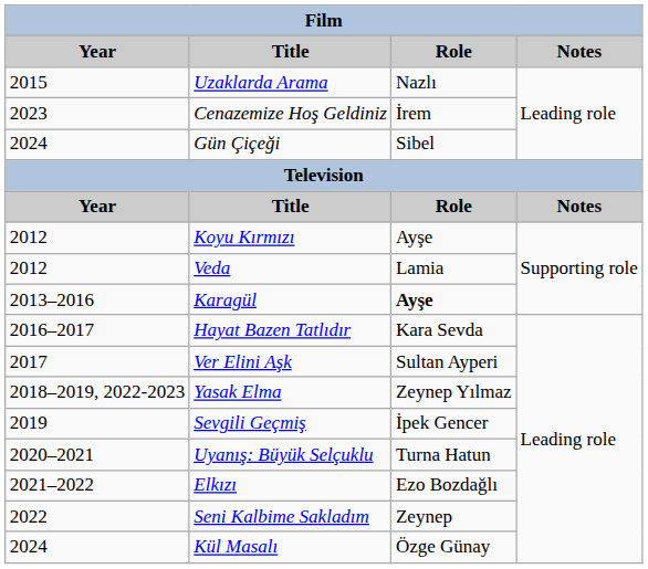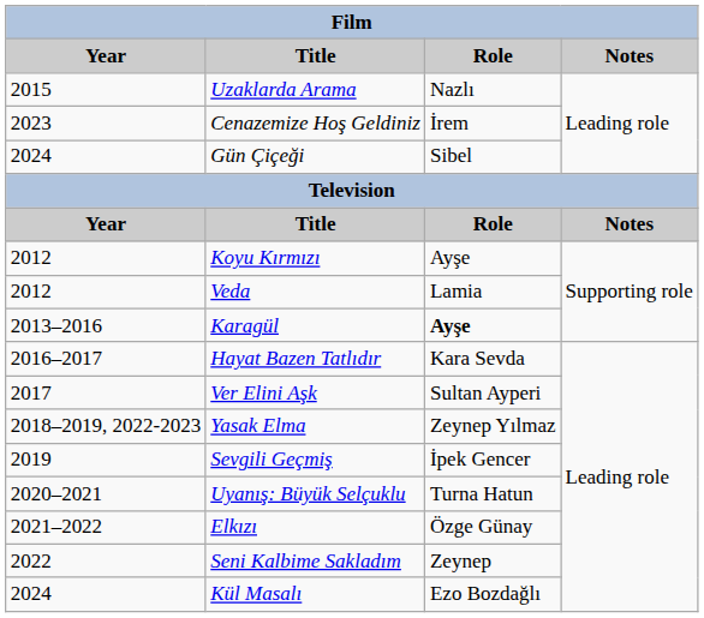 <table class="wikitable" style="font-size:85%">
 <tr>
 <th colspan="4" style="background:LightSteelBlue">Film</th>
 </tr>
 <tr>
 <th style="background:#CCCCCC">Year</th>
 <th style="background:#CCCCCC">Title</th>
 <th style="background:#CCCCCC">Role</th>
 <th style="background:#CCCCCC">Notes</th>
 </tr>
 <tr>
 <td>2015</td>
 <td><em><a href='#'>Uzaklarda Arama</a></em></td>
 <td>Nazlı</td>
 <td rowspan="3">Leading role</td>
 </tr>
 <tr>
 <td>2023</td>
 <td><em>Cenazemize Hoş Geldiniz</em></td>
 <td>İrem</td>
 </tr>
 <tr>
 <td>2024</td>
 <td><em>Gün Çiçeği</em></td>
 <td>Sibel</td>
 </tr>
 <tr>
 <th colspan=4 style="background:LightSteelBlue">Television</th>
 </tr>
 <tr>
 <th style="background:#CCCCCC">Year</th>
 <th style="background:#CCCCCC">Title</th>
 <th style="background:#CCCCCC">Role</th>
 <th style="background:#CCCCCC">Notes</th>
 </tr>
 <tr>
 <td>2012</td>
 <td><em><a href='#'>Koyu Kırmızı</a></em></td>
 <td>Ayşe</td>
 <td rowspan="3">Supporting role</td>
 </tr>
 <tr>
 <td>2012</td>
 <td><em><a href='#'>Veda</a></em></td>
 <td>Lamia</td>
 </tr>
 <tr>
 <td>2013–2016</td>
 <td><em><a href='#'>Karagül</a></em></td>
 <td><strong>Ayşe</strong></td>
 </tr>
 <tr>
 <td>2016–2017</td>
 <td><em><a href='#'>Hayat Bazen Tatlıdır</a></em></td>
 <td>Kara Sevda</td>
 <td rowspan="8">Leading role</td>
 </tr>
 <tr>
 <td>2017</td>
 <td><em><a href='#'>Ver Elini Aşk</a></em></td>
 <td>Sultan Ayperi</td>
 </tr>
 <tr>
 <td>2018–2019, 2022-2023</td>
 <td><em><a href='#'>Yasak Elma</a></em></td>
 <td>Zeynep Yılmaz</td>
 </tr>
 <tr>
 <td>2019</td>
 <td><em><a href='#'>Sevgili Geçmiş</a></em></td>
 <td>İpek Gencer</td>
 </tr>
 <tr>
 <td>2020–2021</td>
 <td><em><a href='#'>Uyanış: Büyük Selçuklu</a></em></td>
 <td>Turna Hatun</td>
 </tr>
 <tr>
 <td>2021–2022</td>
 <td><em><a href='#'>Elkızı</a></em></td>
-<td>Ezo Bozdağlı</td>
+<td>Özge Günay</td>
 </tr>
 <tr>
 <td>2022</td>
 <td><em><a href='#'>Seni Kalbime Sakladım</a></em></td>
 <td>Zeynep</td>
 </tr>
 <tr>
 <td>2024</td>
 <td><em><a href='#'>Kül Masalı</a></em></td>
-<td>Özge Günay</td>
+<td>Ezo Bozdağlı</td>
 </tr>
 </table>
